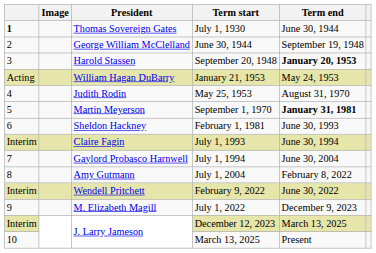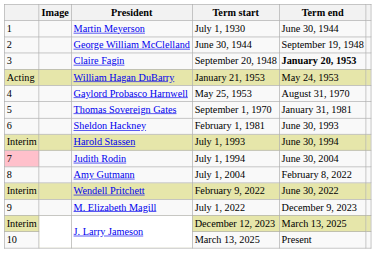 <table class="wikitable">
 <tr>
 <th></th>
 <th>Image</th>
 <th>President</th>
 <th>Term start</th>
 <th>Term end</th>
 <th></th>
 </tr>
 <tr>
-<td><strong>1</strong></td>
+<td>1</td>
 <td></td>
-<td><a href='#'>Thomas Sovereign Gates</a></td>
+<td><a href='#'>Martin Meyerson</a></td>
 <td>July 1, 1930</td>
 <td>June 30, 1944</td>
 <td></td>
 </tr>
 <tr>
 <td>2</td>
 <td></td>
 <td><a href='#'>George William McClelland</a></td>
 <td>June 30, 1944</td>
 <td nowrap>September 19, 1948</td>
 <td></td>
 </tr>
 <tr>
 <td>3</td>
 <td></td>
-<td><a href='#'>Harold Stassen</a></td>
+<td><a href='#'>Claire Fagin</a></td>
 <td nowrap>September 20, 1948</td>
 <td><strong>January 20, 1953</strong></td>
 <td></td>
 </tr>
 <tr bgcolor="#e6e6aa">
 <td>Acting</td>
 <td></td>
 <td><a href='#'>William Hagan DuBarry</a></td>
 <td>January 21, 1953</td>
 <td>May 24, 1953</td>
 <td></td>
 </tr>
 <tr>
 <td>4</td>
 <td></td>
-<td><a href='#'>Judith Rodin</a></td>
+<td><a href='#'>Gaylord Probasco Harnwell</a></td>
 <td>May 25, 1953</td>
 <td>August 31, 1970</td>
 <td></td>
 </tr>
 <tr>
 <td>5</td>
 <td></td>
-<td><a href='#'>Martin Meyerson</a></td>
+<td><a href='#'>Thomas Sovereign Gates</a></td>
 <td>September 1, 1970</td>
-<td><strong>January 31, 1981</strong></td>
+<td>January 31, 1981</td>
 <td></td>
 </tr>
 <tr>
 <td>6</td>
 <td></td>
 <td><a href='#'>Sheldon Hackney</a></td>
 <td>February 1, 1981</td>
 <td>June 30, 1993</td>
 <td></td>
 </tr>
 <tr bgcolor="#e6e6aa">
 <td>Interim</td>
 <td></td>
-<td><a href='#'>Claire Fagin</a></td>
+<td><a href='#'>Harold Stassen</a></td>
 <td>July 1, 1993</td>
 <td>June 30, 1994</td>
 <td></td>
 </tr>
 <tr>
-<td>7</td>
+<td style="background: pink;">7</td>
 <td></td>
-<td><a href='#'>Gaylord Probasco Harnwell</a></td>
+<td><a href='#'>Judith Rodin</a></td>
 <td>July 1, 1994</td>
 <td>June 30, 2004</td>
 <td></td>
 </tr>
 <tr>
 <td>8</td>
 <td></td>
 <td><a href='#'>Amy Gutmann</a></td>
 <td>July 1, 2004</td>
 <td>February 8, 2022</td>
 <td></td>
 </tr>
 <tr bgcolor="#e6e6aa">
 <td>Interim</td>
 <td></td>
 <td><a href='#'>Wendell Pritchett</a></td>
 <td>February 9, 2022</td>
 <td>June 30, 2022</td>
 <td></td>
 </tr>
 <tr>
 <td>9</td>
 <td></td>
 <td><a href='#'>M. Elizabeth Magill</a></td>
 <td>July 1, 2022</td>
 <td>December 9, 2023</td>
 <td></td>
 </tr>
 <tr bgcolor="#e6e6aa">
 <td>Interim</td>
 <td rowspan="2" bgcolor="#ffffff"></td>
 <td rowspan="2" bgcolor="#ffffff"><a href='#'>J. Larry Jameson</a></td>
 <td>December 12, 2023</td>
 <td>March 13, 2025</td>
 <td></td>
 </tr>
 <tr>
 <td>10</td>
 <td>March 13, 2025</td>
 <td>Present</td>
 <td></td>
 </tr>
 </table>
